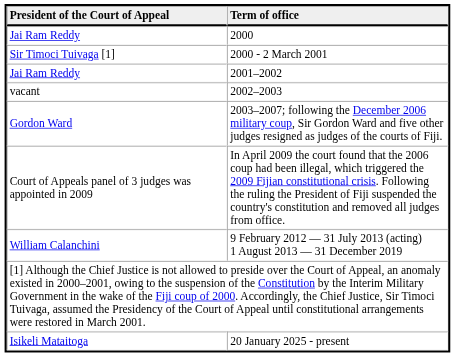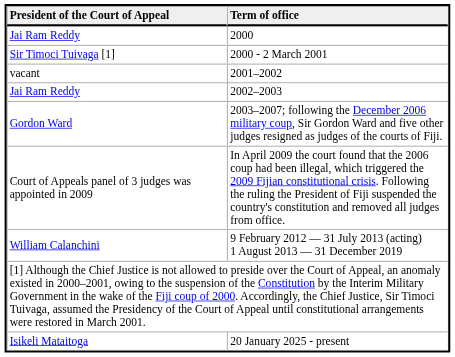 <table table width="70%" border="1" align="center" cellpadding=3 cellspacing=0 style="margin:5px; border:3px solid;">
 <tr>
 <td td width="50%" style="border-bottom:3px solid; background:#efefef;"><strong>President of the Court of Appeal</strong></td>
 <td td width="50%" style="border-bottom:3px solid; background:#efefef;"><strong>Term of office</strong></td>
 </tr>
 <tr>
 <td><a href='#'>Jai Ram Reddy</a></td>
 <td>2000</td>
 </tr>
 <tr>
 <td><a href='#'>Sir Timoci Tuivaga</a> [1]</td>
 <td>2000 - 2 March 2001</td>
 </tr>
 <tr>
-<td><a href='#'>Jai Ram Reddy</a></td>
+<td>vacant</td>
 <td>2001–2002</td>
 </tr>
 <tr>
-<td>vacant</td>
+<td><a href='#'>Jai Ram Reddy</a></td>
 <td>2002–2003</td>
 </tr>
 <tr>
 <td><a href='#'>Gordon Ward</a></td>
 <td>2003–2007; following the <a href='#'>December 2006 military coup</a>, Sir Gordon Ward and five other judges resigned as judges of the courts of Fiji.</td>
 </tr>
 <tr>
 <td>Court of Appeals panel of 3 judges was appointed in 2009</td>
 <td>In April 2009 the court found that the 2006 coup had been illegal, which triggered the <a href='#'>2009 Fijian constitutional crisis</a>. Following the ruling the President of Fiji suspended the country's constitution and removed all judges from office.</td>
 </tr>
 <tr>
 <td><a href='#'>William Calanchini</a></td>
 <td>9 February 2012 — 31 July 2013 (acting) <br> 1 August 2013 — 31 December 2019</td>
 </tr>
 <tr>
 <td colspan=2>[1] Although the Chief Justice is not allowed to preside over the Court of Appeal, an anomaly existed in 2000–2001, owing to the suspension of the <a href='#'>Constitution</a> by the Interim Military Government in the wake of the <a href='#'>Fiji coup of 2000</a>.  Accordingly, the Chief Justice, Sir Timoci Tuivaga, assumed the Presidency of the Court of Appeal until constitutional arrangements were restored in March 2001.</td>
 </tr>
 <tr>
 <td><a href='#'>Isikeli Mataitoga</a></td>
 <td>20 January 2025 - present</td>
 </tr>
 </table>
